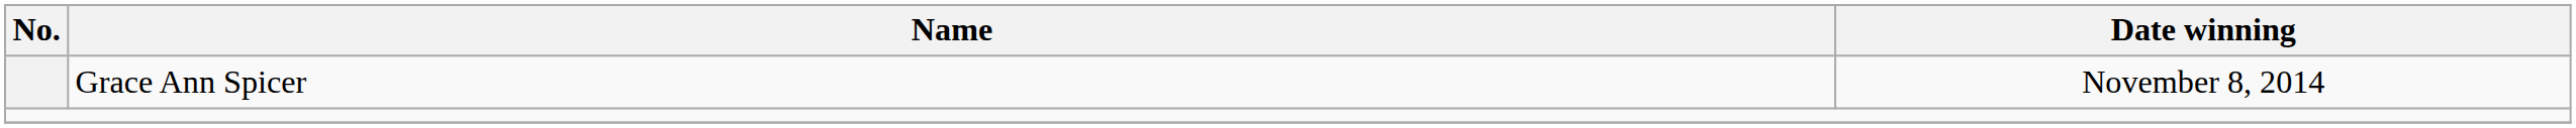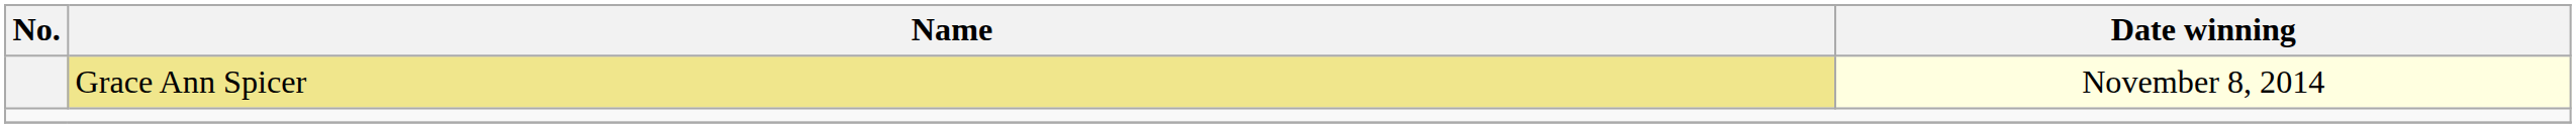 <table class="wikitable" width=100%>
 <tr>
 <th style="width:1%;">No.</th>
 <th style="width:70%;">Name</th>
 <th style="width:29%;">Date winning</th>
 </tr>
 <tr align=center>
 <th></th>
-<td align=left> Grace Ann Spicer</td>
-<td>November 8, 2014</td>
+<td align=left style="background: khaki;"> Grace Ann Spicer</td>
+<td style="background: lightyellow;">November 8, 2014</td>
 </tr>
 <tr>
 <td colspan="6"></td>
 </tr>
 <tr>
 </tr>
 </table>
